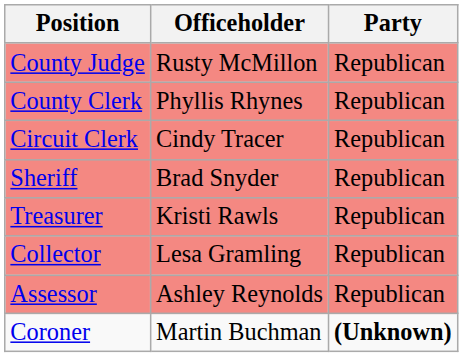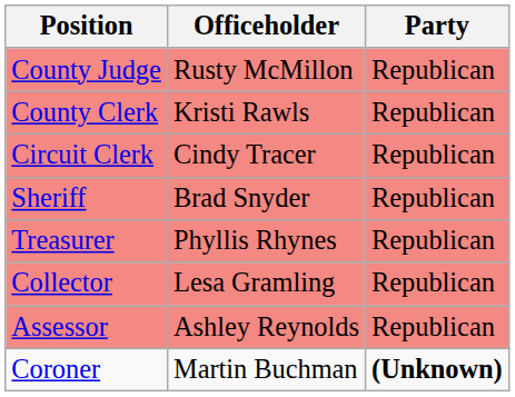 <table class="wikitable mw-collapsible">
 <tr>
 <th>Position</th>
 <th>Officeholder</th>
 <th>Party</th>
 </tr>
 <tr style="background-color:#F48882;">
 <td><a href='#'>County Judge</a></td>
 <td>Rusty McMillon</td>
 <td>Republican</td>
 </tr>
 <tr style="background-color:#F48882;">
 <td><a href='#'>County Clerk</a></td>
-<td>Phyllis Rhynes</td>
+<td>Kristi Rawls</td>
 <td>Republican</td>
 </tr>
 <tr style="background-color:#F48882;">
 <td><a href='#'>Circuit Clerk</a></td>
 <td>Cindy Tracer</td>
 <td>Republican</td>
 </tr>
 <tr style="background-color:#F48882;">
 <td><a href='#'>Sheriff</a></td>
 <td>Brad Snyder</td>
 <td>Republican</td>
 </tr>
 <tr style="background-color:#F48882;">
 <td><a href='#'>Treasurer</a></td>
-<td>Kristi Rawls</td>
+<td>Phyllis Rhynes</td>
 <td>Republican</td>
 </tr>
 <tr style="background-color:#F48882;">
 <td><a href='#'>Collector</a></td>
 <td>Lesa Gramling</td>
 <td>Republican</td>
 </tr>
 <tr style="background-color:#F48882;">
 <td><a href='#'>Assessor</a></td>
 <td>Ashley Reynolds</td>
 <td>Republican</td>
 </tr>
 <tr>
 <td><a href='#'>Coroner</a></td>
 <td>Martin Buchman</td>
 <td><strong>(Unknown)</strong></td>
 </tr>
 </table>
